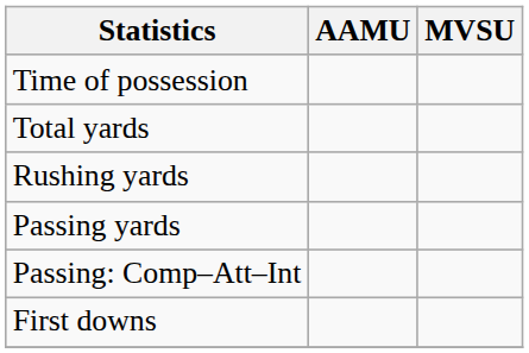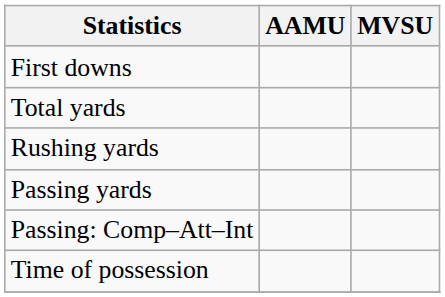 <table class="wikitable" style="float: left;">
 <tr>
 <th>Statistics</th>
 <th>AAMU</th>
 <th>MVSU</th>
 </tr>
 <tr>
-<td>Time of possession</td>
+<td>First downs</td>
 <td></td>
 <td></td>
 </tr>
 <tr>
 <td>Total yards</td>
 <td></td>
 <td></td>
 </tr>
 <tr>
 <td>Rushing yards</td>
 <td></td>
 <td></td>
 </tr>
 <tr>
 <td>Passing yards</td>
 <td></td>
 <td></td>
 </tr>
 <tr>
 <td>Passing: Comp–Att–Int</td>
 <td></td>
 <td></td>
 </tr>
 <tr>
-<td>First downs</td>
+<td>Time of possession</td>
 <td></td>
 <td></td>
 </tr>
 <tr>
 </tr>
 </table>
